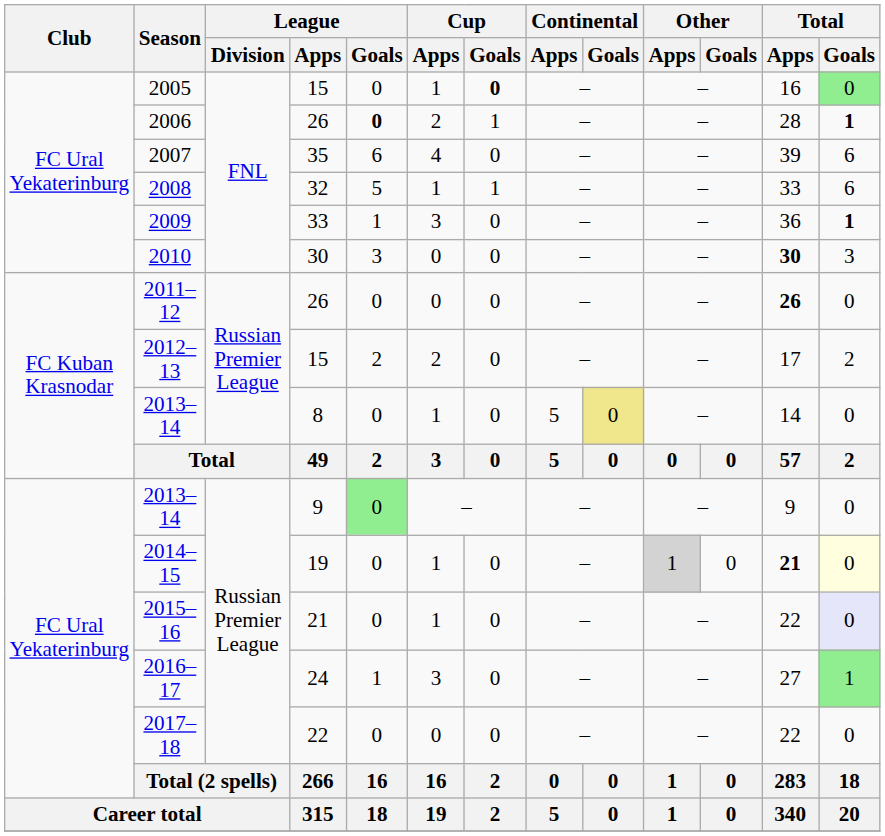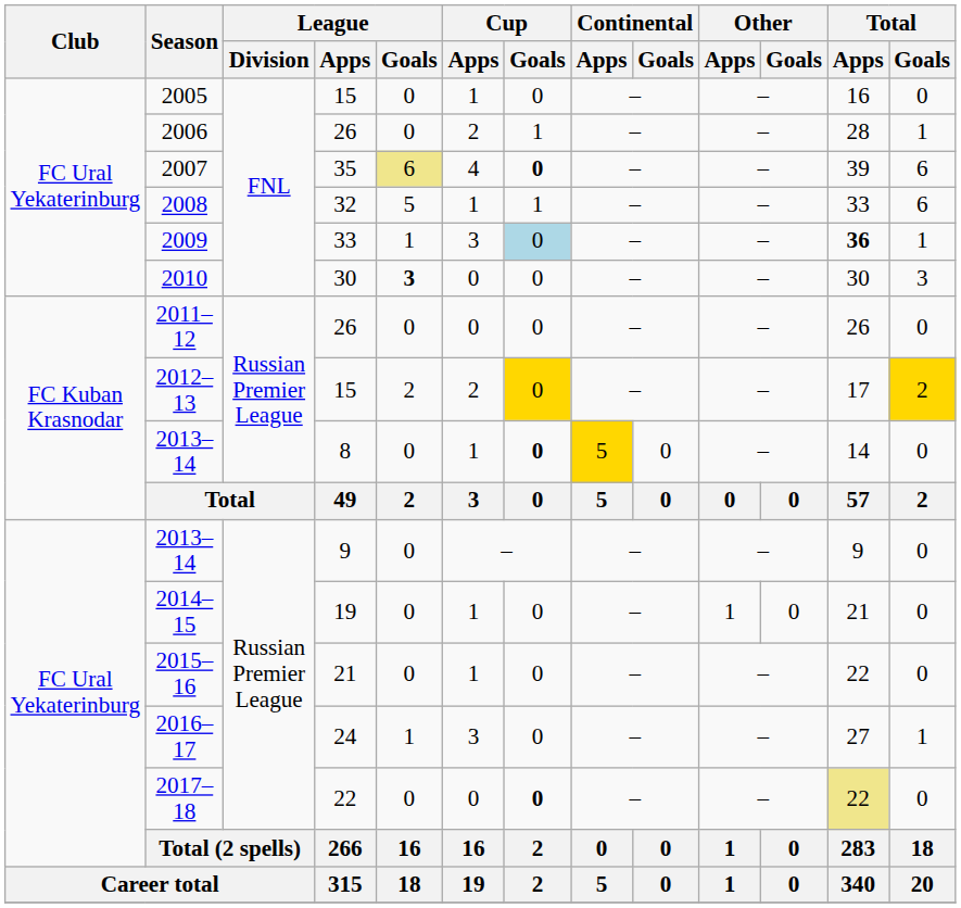 <table class="wikitable" style="text-align: center;">
 <tr>
 <th rowspan=2>Club</th>
 <th rowspan=2>Season</th>
 <th colspan=3>League</th>
 <th colspan=2>Cup</th>
 <th colspan=2>Continental</th>
 <th colspan=2>Other</th>
 <th colspan=2>Total</th>
 </tr>
 <tr>
 <th>Division</th>
 <th>Apps</th>
 <th>Goals</th>
 <th>Apps</th>
 <th>Goals</th>
 <th>Apps</th>
 <th>Goals</th>
 <th>Apps</th>
 <th>Goals</th>
 <th>Apps</th>
 <th>Goals</th>
 </tr>
 <tr>
 <td rowspan=6><a href='#'>FC Ural Yekaterinburg</a></td>
 <td>2005</td>
 <td rowspan=6><a href='#'>FNL</a></td>
 <td>15</td>
 <td>0</td>
 <td>1</td>
-<td><strong>0</strong></td>
+<td>0</td>
 <td colspan=2>–</td>
 <td colspan=2>–</td>
 <td>16</td>
-<td style="background: lightgreen;">0</td>
+<td>0</td>
 </tr>
 <tr>
 <td>2006</td>
 <td>26</td>
-<td><strong>0</strong></td>
+<td>0</td>
 <td>2</td>
 <td>1</td>
 <td colspan=2>–</td>
 <td colspan=2>–</td>
 <td>28</td>
-<td><strong>1</strong></td>
+<td>1</td>
 </tr>
 <tr>
 <td>2007</td>
 <td>35</td>
-<td>6</td>
+<td style="background: khaki;">6</td>
 <td>4</td>
-<td>0</td>
+<td><strong>0</strong></td>
 <td colspan=2>–</td>
 <td colspan=2>–</td>
 <td>39</td>
 <td>6</td>
 </tr>
 <tr>
 <td><a href='#'>2008</a></td>
 <td>32</td>
 <td>5</td>
 <td>1</td>
 <td>1</td>
 <td colspan=2>–</td>
 <td colspan=2>–</td>
 <td>33</td>
 <td>6</td>
 </tr>
 <tr>
 <td><a href='#'>2009</a></td>
 <td>33</td>
 <td>1</td>
 <td>3</td>
-<td>0</td>
+<td style="background: lightblue;">0</td>
 <td colspan=2>–</td>
 <td colspan=2>–</td>
-<td>36</td>
-<td><strong>1</strong></td>
+<td><strong>36</strong></td>
+<td>1</td>
 </tr>
 <tr>
 <td><a href='#'>2010</a></td>
 <td>30</td>
-<td>3</td>
+<td><strong>3</strong></td>
 <td>0</td>
 <td>0</td>
 <td colspan=2>–</td>
 <td colspan=2>–</td>
-<td><strong>30</strong></td>
+<td>30</td>
 <td>3</td>
 </tr>
 <tr>
 <td rowspan=4><a href='#'>FC Kuban Krasnodar</a></td>
 <td><a href='#'>2011–12</a></td>
 <td rowspan=3><a href='#'>Russian Premier League</a></td>
 <td>26</td>
 <td>0</td>
 <td>0</td>
 <td>0</td>
 <td colspan=2>–</td>
 <td colspan=2>–</td>
-<td><strong>26</strong></td>
+<td>26</td>
 <td>0</td>
 </tr>
 <tr>
 <td><a href='#'>2012–13</a></td>
 <td>15</td>
 <td>2</td>
 <td>2</td>
-<td>0</td>
+<td style="background: gold;">0</td>
 <td colspan=2>–</td>
 <td colspan=2>–</td>
 <td>17</td>
-<td>2</td>
+<td style="background: gold;">2</td>
 </tr>
 <tr>
 <td><a href='#'>2013–14</a></td>
 <td>8</td>
 <td>0</td>
 <td>1</td>
+<td><strong>0</strong></td>
+<td style="background: gold;">5</td>
 <td>0</td>
-<td>5</td>
-<td style="background: khaki;">0</td>
 <td colspan=2>–</td>
 <td>14</td>
 <td>0</td>
 </tr>
 <tr>
 <th colspan=2>Total</th>
 <th>49</th>
 <th>2</th>
 <th>3</th>
 <th>0</th>
 <th>5</th>
 <th>0</th>
 <th>0</th>
 <th>0</th>
 <th>57</th>
 <th>2</th>
 </tr>
 <tr>
 <td rowspan=6><a href='#'>FC Ural Yekaterinburg</a></td>
 <td><a href='#'>2013–14</a></td>
 <td rowspan=5>Russian Premier League</td>
 <td>9</td>
-<td style="background: lightgreen;">0</td>
+<td>0</td>
 <td colspan=2>–</td>
 <td colspan=2>–</td>
 <td colspan=2>–</td>
 <td>9</td>
 <td>0</td>
 </tr>
 <tr>
 <td><a href='#'>2014–15</a></td>
 <td>19</td>
 <td>0</td>
 <td>1</td>
 <td>0</td>
 <td colspan=2>–</td>
-<td style="background: lightgrey;">1</td>
+<td>1</td>
 <td>0</td>
-<td><strong>21</strong></td>
-<td style="background: lightyellow;">0</td>
+<td>21</td>
+<td>0</td>
 </tr>
 <tr>
 <td><a href='#'>2015–16</a></td>
 <td>21</td>
 <td>0</td>
 <td>1</td>
 <td>0</td>
 <td colspan=2>–</td>
 <td colspan=2>–</td>
 <td>22</td>
-<td style="background: lavender;">0</td>
+<td>0</td>
 </tr>
 <tr>
 <td><a href='#'>2016–17</a></td>
 <td>24</td>
 <td>1</td>
 <td>3</td>
 <td>0</td>
 <td colspan=2>–</td>
 <td colspan=2>–</td>
 <td>27</td>
-<td style="background: lightgreen;">1</td>
+<td>1</td>
 </tr>
 <tr>
 <td><a href='#'>2017–18</a></td>
 <td>22</td>
 <td>0</td>
 <td>0</td>
-<td>0</td>
+<td><strong>0</strong></td>
 <td colspan=2>–</td>
 <td colspan=2>–</td>
-<td>22</td>
+<td style="background: khaki;">22</td>
 <td>0</td>
 </tr>
 <tr>
 <th colspan=2>Total (2 spells)</th>
 <th>266</th>
 <th>16</th>
 <th>16</th>
 <th>2</th>
 <th>0</th>
 <th>0</th>
 <th>1</th>
 <th>0</th>
 <th>283</th>
 <th>18</th>
 </tr>
 <tr>
 <th colspan=3>Career total</th>
 <th>315</th>
 <th>18</th>
 <th>19</th>
 <th>2</th>
 <th>5</th>
 <th>0</th>
 <th>1</th>
 <th>0</th>
 <th>340</th>
 <th>20</th>
 </tr>
 <tr>
 </tr>
 </table>
